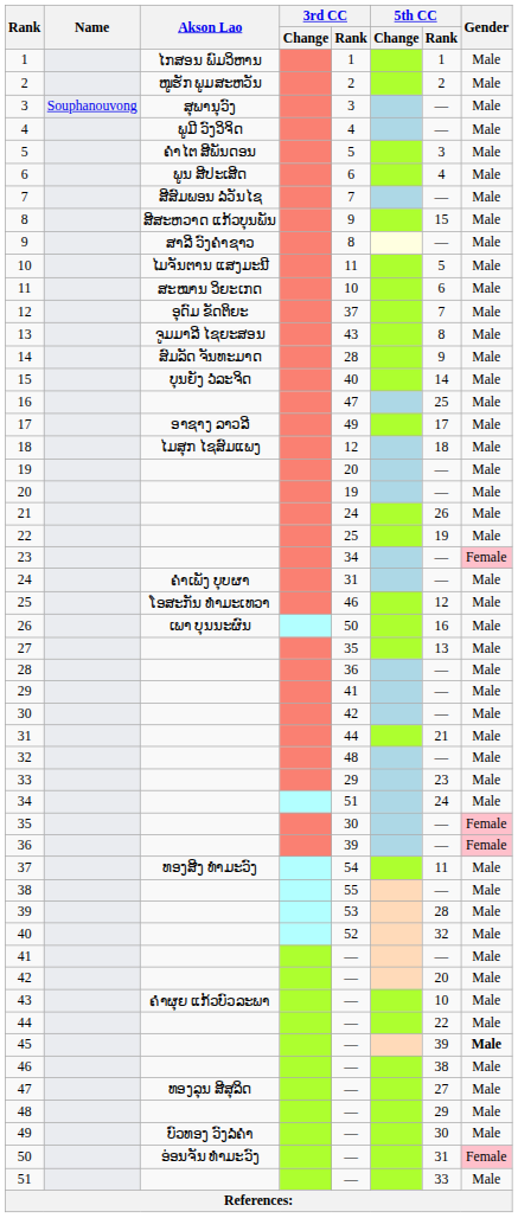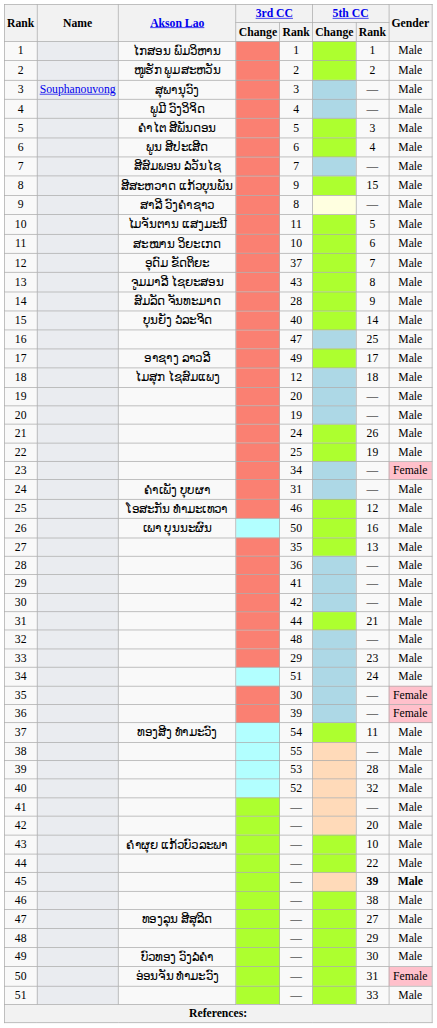 <table class="wikitable sortable" style=text-align:center>
 <tr>
 <th rowspan="2">Rank</th>
 <th rowspan="2">Name</th>
 <th rowspan="2" class="unsortable"><a href='#'>Akson Lao</a></th>
 <th colspan="2 "unsortable><a href='#'>3rd CC</a></th>
 <th colspan="2" unsortable><a href='#'>5th CC</a></th>
 <th rowspan="2">Gender</th>
 </tr>
 <tr>
 <th>Change</th>
 <th>Rank</th>
 <th>Change</th>
 <th>Rank</th>
 </tr>
 <tr>
 <td>1</td>
 <td bgcolor = #EAECF0></td>
 <td>ໄກສອນ ພົມວິຫານ</td>
 <td bgcolor = Salmon></td>
 <td>1</td>
 <td bgcolor = GreenYellow></td>
 <td>1</td>
 <td>Male</td>
 </tr>
 <tr>
 <td>2</td>
 <td bgcolor = #EAECF0></td>
 <td>ໜູຮັກ ພູມສະຫວັນ</td>
 <td bgcolor = Salmon></td>
 <td>2</td>
 <td bgcolor = GreenYellow></td>
 <td>2</td>
 <td>Male</td>
 </tr>
 <tr>
 <td>3</td>
 <td bgcolor = #EAECF0><a href='#'>Souphanouvong</a></td>
 <td>ສຸພານຸວົງ</td>
 <td bgcolor = Salmon></td>
 <td>3</td>
 <td bgcolor = LightBlue></td>
 <td data-sort-value="100">—</td>
 <td>Male</td>
 </tr>
 <tr>
 <td>4</td>
 <td bgcolor = #EAECF0></td>
 <td>ພູມີ ວົງວິຈິດ</td>
 <td bgcolor = Salmon></td>
 <td>4</td>
 <td bgcolor = LightBlue></td>
 <td data-sort-value="100">—</td>
 <td>Male</td>
 </tr>
 <tr>
 <td>5</td>
 <td bgcolor = #EAECF0></td>
 <td>ຄໍາໄຕ ສີພັນດອນ</td>
 <td bgcolor = Salmon></td>
 <td>5</td>
 <td bgcolor = GreenYellow></td>
 <td>3</td>
 <td>Male</td>
 </tr>
 <tr>
 <td>6</td>
 <td bgcolor = #EAECF0></td>
 <td>ພູນ ສີປະເສີດ</td>
 <td bgcolor = Salmon></td>
 <td>6</td>
 <td bgcolor = GreenYellow></td>
 <td>4</td>
 <td>Male</td>
 </tr>
 <tr>
 <td>7</td>
 <td bgcolor = #EAECF0></td>
 <td>ສີສົມພອນ ລໍວັນໄຊ</td>
 <td bgcolor = Salmon></td>
 <td>7</td>
 <td bgcolor = LightBlue></td>
 <td data-sort-value="100">—</td>
 <td>Male</td>
 </tr>
 <tr>
 <td>8</td>
 <td bgcolor = #EAECF0></td>
 <td>ສີສະຫວາດ ແກ້ວບຸນພັນ</td>
 <td bgcolor = Salmon></td>
 <td>9</td>
 <td bgcolor = GreenYellow></td>
 <td>15</td>
 <td>Male</td>
 </tr>
 <tr>
 <td>9</td>
 <td bgcolor = #EAECF0></td>
 <td>ສາລີ ວົງຄໍາຊາວ</td>
 <td bgcolor = Salmon></td>
 <td>8</td>
 <td bgcolor = LightYellow></td>
 <td data-sort-value="100">—</td>
 <td>Male</td>
 </tr>
 <tr>
 <td>10</td>
 <td bgcolor = #EAECF0></td>
 <td>ໄມຈັນຕານ ແສງມະນີ</td>
 <td bgcolor = Salmon></td>
 <td>11</td>
 <td bgcolor = GreenYellow></td>
 <td>5</td>
 <td>Male</td>
 </tr>
 <tr>
 <td>11</td>
 <td bgcolor = #EAECF0></td>
 <td>ສະໝານ ວິຍະເກດ</td>
 <td bgcolor = Salmon></td>
 <td>10</td>
 <td bgcolor = GreenYellow></td>
 <td>6</td>
 <td>Male</td>
 </tr>
 <tr>
 <td>12</td>
 <td bgcolor = #EAECF0></td>
 <td>ອຸດົມ ຂັດຕິຍະ</td>
 <td bgcolor = Salmon></td>
 <td>37</td>
 <td bgcolor = GreenYellow></td>
 <td>7</td>
 <td>Male</td>
 </tr>
 <tr>
 <td>13</td>
 <td bgcolor = #EAECF0></td>
 <td>ຈູມມາລີ ໄຊຍະສອນ</td>
 <td bgcolor = Salmon></td>
 <td>43</td>
 <td bgcolor = GreenYellow></td>
 <td>8</td>
 <td>Male</td>
 </tr>
 <tr>
 <td>14</td>
 <td bgcolor = #EAECF0></td>
 <td>ສົມລັດ ຈັນທະມາດ</td>
 <td bgcolor = Salmon></td>
 <td>28</td>
 <td bgcolor = GreenYellow></td>
 <td>9</td>
 <td>Male</td>
 </tr>
 <tr>
 <td>15</td>
 <td bgcolor = #EAECF0></td>
 <td>ບຸນຍັງ ວໍລະຈິດ</td>
 <td bgcolor = Salmon></td>
 <td>40</td>
 <td bgcolor = GreenYellow></td>
 <td>14</td>
 <td>Male</td>
 </tr>
 <tr>
 <td>16</td>
 <td bgcolor = #EAECF0></td>
 <td></td>
 <td bgcolor = Salmon></td>
 <td>47</td>
 <td bgcolor = LightBlue></td>
 <td>25</td>
 <td>Male</td>
 </tr>
 <tr>
 <td>17</td>
 <td bgcolor = #EAECF0></td>
 <td>ອາຊາງ ລາວລີ</td>
 <td bgcolor = Salmon></td>
 <td>49</td>
 <td bgcolor = GreenYellow></td>
 <td>17</td>
 <td>Male</td>
 </tr>
 <tr>
 <td>18</td>
 <td bgcolor = #EAECF0></td>
 <td>ໄມສຸກ ໄຊສົມແພງ</td>
 <td bgcolor = Salmon></td>
 <td>12</td>
 <td bgcolor = LightBlue></td>
 <td>18</td>
 <td>Male</td>
 </tr>
 <tr>
 <td>19</td>
 <td bgcolor = #EAECF0></td>
 <td></td>
 <td bgcolor = Salmon></td>
 <td>20</td>
 <td bgcolor = LightBlue></td>
 <td data-sort-value="100">—</td>
 <td>Male</td>
 </tr>
 <tr>
 <td>20</td>
 <td bgcolor = #EAECF0></td>
 <td></td>
 <td bgcolor = Salmon></td>
 <td>19</td>
 <td bgcolor = LightBlue></td>
 <td data-sort-value="100">—</td>
 <td>Male</td>
 </tr>
 <tr>
 <td>21</td>
 <td bgcolor = #EAECF0></td>
 <td></td>
 <td bgcolor = Salmon></td>
 <td>24</td>
 <td bgcolor = GreenYellow></td>
 <td>26</td>
 <td>Male</td>
 </tr>
 <tr>
 <td>22</td>
 <td bgcolor = #EAECF0></td>
 <td></td>
 <td bgcolor = Salmon></td>
 <td>25</td>
 <td bgcolor = GreenYellow></td>
 <td>19</td>
 <td>Male</td>
 </tr>
 <tr>
 <td>23</td>
 <td bgcolor = #EAECF0></td>
 <td></td>
 <td bgcolor = Salmon></td>
 <td>34</td>
 <td bgcolor = LightBlue></td>
 <td data-sort-value="100">—</td>
 <td bgcolor = Pink>Female</td>
 </tr>
 <tr>
 <td>24</td>
 <td bgcolor = #EAECF0></td>
 <td>ຄຳເພັງ ບຸບຜາ</td>
 <td bgcolor = Salmon></td>
 <td>31</td>
 <td bgcolor = LightBlue></td>
 <td data-sort-value="100">—</td>
 <td>Male</td>
 </tr>
 <tr>
 <td>25</td>
 <td bgcolor = #EAECF0></td>
 <td>ໂອສະກັນ ທໍາມະເທວາ</td>
 <td bgcolor = Salmon></td>
 <td>46</td>
 <td bgcolor = GreenYellow></td>
 <td>12</td>
 <td>Male</td>
 </tr>
 <tr>
 <td>26</td>
 <td bgcolor = #EAECF0></td>
 <td>ເພາ ບຸນນະຜົນ</td>
 <td bgcolor = #B2FFFF></td>
 <td>50</td>
 <td bgcolor = GreenYellow></td>
 <td>16</td>
 <td>Male</td>
 </tr>
 <tr>
 <td>27</td>
 <td bgcolor = #EAECF0></td>
 <td></td>
 <td bgcolor = Salmon></td>
 <td>35</td>
 <td bgcolor = GreenYellow></td>
 <td>13</td>
 <td>Male</td>
 </tr>
 <tr>
 <td>28</td>
 <td bgcolor = #EAECF0></td>
 <td></td>
 <td bgcolor = Salmon></td>
 <td>36</td>
 <td bgcolor = LightBlue></td>
 <td data-sort-value="100">—</td>
 <td>Male</td>
 </tr>
 <tr>
 <td>29</td>
 <td bgcolor = #EAECF0></td>
 <td></td>
 <td bgcolor = Salmon></td>
 <td>41</td>
 <td bgcolor = LightBlue></td>
 <td data-sort-value="100">—</td>
 <td>Male</td>
 </tr>
 <tr>
 <td>30</td>
 <td bgcolor = #EAECF0></td>
 <td></td>
 <td bgcolor = Salmon></td>
 <td>42</td>
 <td bgcolor = LightBlue></td>
 <td data-sort-value="100">—</td>
 <td>Male</td>
 </tr>
 <tr>
 <td>31</td>
 <td bgcolor = #EAECF0></td>
 <td></td>
 <td bgcolor = Salmon></td>
 <td>44</td>
 <td bgcolor = GreenYellow></td>
 <td>21</td>
 <td>Male</td>
 </tr>
 <tr>
 <td>32</td>
 <td bgcolor = #EAECF0></td>
 <td></td>
 <td bgcolor = Salmon></td>
 <td>48</td>
 <td bgcolor = LightBlue></td>
 <td data-sort-value="100">—</td>
 <td>Male</td>
 </tr>
 <tr>
 <td>33</td>
 <td bgcolor = #EAECF0></td>
 <td></td>
 <td bgcolor = Salmon></td>
 <td>29</td>
 <td bgcolor = LightBlue></td>
 <td>23</td>
 <td>Male</td>
 </tr>
 <tr>
 <td>34</td>
 <td bgcolor = #EAECF0></td>
 <td></td>
 <td bgcolor = #B2FFFF></td>
 <td>51</td>
 <td bgcolor = LightBlue></td>
 <td>24</td>
 <td>Male</td>
 </tr>
 <tr>
 <td>35</td>
 <td bgcolor = #EAECF0></td>
 <td></td>
 <td bgcolor = Salmon></td>
 <td>30</td>
 <td bgcolor = LightBlue></td>
 <td data-sort-value="100">—</td>
 <td bgcolor = Pink>Female</td>
 </tr>
 <tr>
 <td>36</td>
 <td bgcolor = #EAECF0></td>
 <td></td>
 <td bgcolor = Salmon></td>
 <td>39</td>
 <td bgcolor = LightBlue></td>
 <td data-sort-value="100">—</td>
 <td bgcolor = Pink>Female</td>
 </tr>
 <tr>
 <td>37</td>
 <td bgcolor = #EAECF0></td>
 <td>ທອງສີງ ທໍາມະວົງ</td>
 <td bgcolor = #B2FFFF></td>
 <td>54</td>
 <td bgcolor = GreenYellow></td>
 <td>11</td>
 <td>Male</td>
 </tr>
 <tr>
 <td>38</td>
 <td bgcolor = #EAECF0></td>
 <td></td>
 <td bgcolor = #B2FFFF></td>
 <td>55</td>
 <td bgcolor = PeachPuff></td>
 <td data-sort-value="100">—</td>
 <td>Male</td>
 </tr>
 <tr>
 <td>39</td>
 <td bgcolor = #EAECF0></td>
 <td></td>
 <td bgcolor = #B2FFFF></td>
 <td>53</td>
 <td bgcolor = PeachPuff></td>
 <td>28</td>
 <td>Male</td>
 </tr>
 <tr>
 <td>40</td>
 <td bgcolor = #EAECF0></td>
 <td></td>
 <td bgcolor = #B2FFFF></td>
 <td>52</td>
 <td bgcolor = PeachPuff></td>
 <td>32</td>
 <td>Male</td>
 </tr>
 <tr>
 <td>41</td>
 <td bgcolor = #EAECF0></td>
 <td></td>
 <td bgcolor = GreenYellow></td>
 <td data-sort-value="100">—</td>
 <td bgcolor = PeachPuff></td>
 <td data-sort-value="100">—</td>
 <td>Male</td>
 </tr>
 <tr>
 <td>42</td>
 <td bgcolor = #EAECF0></td>
 <td></td>
 <td bgcolor = GreenYellow></td>
 <td data-sort-value="100">—</td>
 <td bgcolor = PeachPuff></td>
 <td>20</td>
 <td>Male</td>
 </tr>
 <tr>
 <td>43</td>
 <td bgcolor = #EAECF0></td>
 <td>ຄໍາຜຸຍ ແກ້ວບົວລະພາ</td>
 <td bgcolor = GreenYellow></td>
 <td data-sort-value="100">—</td>
 <td bgcolor = GreenYellow></td>
 <td>10</td>
 <td>Male</td>
 </tr>
 <tr>
 <td>44</td>
 <td bgcolor = #EAECF0></td>
 <td></td>
 <td bgcolor = GreenYellow></td>
 <td data-sort-value="100">—</td>
 <td bgcolor = GreenYellow></td>
 <td>22</td>
 <td>Male</td>
 </tr>
 <tr>
 <td>45</td>
 <td bgcolor = #EAECF0></td>
 <td></td>
 <td bgcolor = GreenYellow></td>
 <td data-sort-value="100">—</td>
 <td bgcolor = PeachPuff></td>
-<td>39</td>
+<td><strong>39</strong></td>
 <td><strong>Male</strong></td>
 </tr>
 <tr>
 <td>46</td>
 <td bgcolor = #EAECF0></td>
 <td></td>
 <td bgcolor = GreenYellow></td>
 <td data-sort-value="100">—</td>
 <td bgcolor = GreenYellow></td>
 <td>38</td>
 <td>Male</td>
 </tr>
 <tr>
 <td>47</td>
 <td bgcolor = #EAECF0></td>
 <td>ທອງລຸນ ສີສຸລິດ</td>
 <td bgcolor = GreenYellow></td>
 <td data-sort-value="100">—</td>
 <td bgcolor = GreenYellow></td>
 <td>27</td>
 <td>Male</td>
 </tr>
 <tr>
 <td>48</td>
 <td bgcolor = #EAECF0></td>
 <td></td>
 <td bgcolor = GreenYellow></td>
 <td data-sort-value="100">—</td>
 <td bgcolor = GreenYellow></td>
 <td>29</td>
 <td>Male</td>
 </tr>
 <tr>
 <td>49</td>
 <td bgcolor = #EAECF0></td>
 <td>ບົວທອງ ວົງລໍຄຳ</td>
 <td bgcolor = GreenYellow></td>
 <td data-sort-value="100">—</td>
 <td bgcolor = GreenYellow></td>
 <td>30</td>
 <td>Male</td>
 </tr>
 <tr>
 <td>50</td>
 <td bgcolor = #EAECF0></td>
 <td>ອ່ອນຈັນ ທຳມະວົງ</td>
 <td bgcolor = GreenYellow></td>
 <td data-sort-value="100">—</td>
 <td bgcolor = GreenYellow></td>
 <td>31</td>
 <td bgcolor = Pink>Female</td>
 </tr>
 <tr>
 <td>51</td>
 <td bgcolor = #EAECF0></td>
 <td></td>
 <td bgcolor = GreenYellow></td>
 <td data-sort-value="100">—</td>
 <td bgcolor = GreenYellow></td>
 <td>33</td>
 <td>Male</td>
 </tr>
 <tr class=sortbottom>
 <th colspan = "8" align = left><strong>References:</strong><br></th>
 </tr>
 </table>
